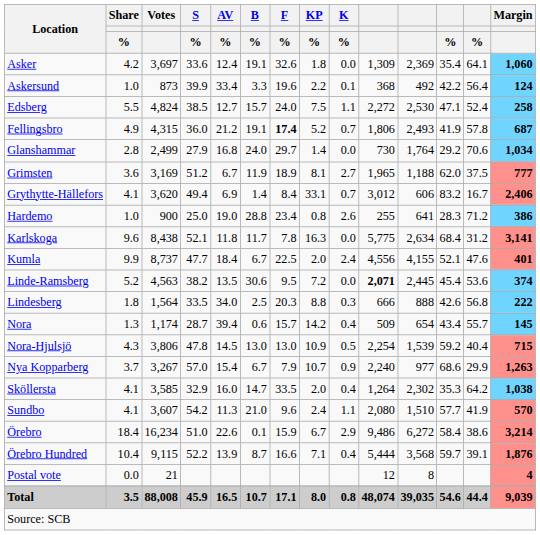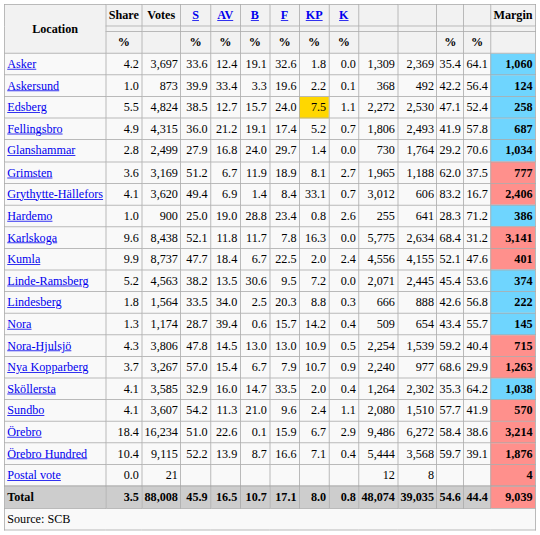 <table class="wikitable sortable" style="text-align:right; font-size:95%; line-height:20px;">
 <tr>
 <th rowspan="3">Location</th>
 <th>Share</th>
 <th>Votes</th>
 <th width="30px" class="unsortable"><a href='#'>S</a></th>
 <th width="30px" class="unsortable"><a href='#'>AV</a></th>
 <th width="30px" class="unsortable"><a href='#'>B</a></th>
 <th width="30px" class="unsortable"><a href='#'>F</a></th>
 <th width="30px" class="unsortable"><a href='#'>KP</a></th>
 <th width="30px" class="unsortable"><a href='#'>K</a></th>
 <th></th>
 <th></th>
 <th></th>
 <th></th>
 <th>Margin</th>
 </tr>
 <tr>
 <th></th>
 <th></th>
 <th style="background:"></th>
 <th style="background:"></th>
 <th style="background:"></th>
 <th style="background:"></th>
 <th style="background:"></th>
 <th style="background:"></th>
 <th style="background:"></th>
 <th style="background:"></th>
 <th style="background:"></th>
 <th style="background:"></th>
 <th></th>
 </tr>
 <tr>
 <th data-sort-type="number">%</th>
 <th></th>
 <th data-sort-type="number">%</th>
 <th data-sort-type="number">%</th>
 <th data-sort-type="number">%</th>
 <th data-sort-type="number">%</th>
 <th data-sort-type="number">%</th>
 <th data-sort-type="number">%</th>
 <th></th>
 <th></th>
 <th data-sort-type="number">%</th>
 <th data-sort-type="number">%</th>
 <th></th>
 </tr>
 <tr>
 <td align=left><a href='#'>Asker</a></td>
 <td>4.2</td>
 <td>3,697</td>
 <td>33.6</td>
 <td>12.4</td>
 <td>19.1</td>
 <td>32.6</td>
 <td>1.8</td>
 <td>0.0</td>
 <td>1,309</td>
 <td>2,369</td>
 <td>35.4</td>
 <td>64.1</td>
 <td bgcolor=#6fd5fe><strong>1,060</strong></td>
 </tr>
 <tr>
 <td align=left><a href='#'>Askersund</a></td>
 <td>1.0</td>
 <td>873</td>
 <td>39.9</td>
 <td>33.4</td>
 <td>3.3</td>
 <td>19.6</td>
 <td>2.2</td>
 <td>0.1</td>
 <td>368</td>
 <td>492</td>
 <td>42.2</td>
 <td>56.4</td>
 <td bgcolor=#6fd5fe><strong>124</strong></td>
 </tr>
 <tr>
 <td align=left><a href='#'>Edsberg</a></td>
 <td>5.5</td>
 <td>4,824</td>
 <td>38.5</td>
 <td>12.7</td>
 <td>15.7</td>
 <td>24.0</td>
-<td>7.5</td>
+<td style="background: gold;">7.5</td>
 <td>1.1</td>
 <td>2,272</td>
 <td>2,530</td>
 <td>47.1</td>
 <td>52.4</td>
 <td bgcolor=#6fd5fe><strong>258</strong></td>
 </tr>
 <tr>
 <td align=left><a href='#'>Fellingsbro</a></td>
 <td>4.9</td>
 <td>4,315</td>
 <td>36.0</td>
 <td>21.2</td>
 <td>19.1</td>
-<td><strong>17.4</strong></td>
+<td>17.4</td>
 <td>5.2</td>
 <td>0.7</td>
 <td>1,806</td>
 <td>2,493</td>
 <td>41.9</td>
 <td>57.8</td>
 <td bgcolor=#6fd5fe><strong>687</strong></td>
 </tr>
 <tr>
 <td align=left><a href='#'>Glanshammar</a></td>
 <td>2.8</td>
 <td>2,499</td>
 <td>27.9</td>
 <td>16.8</td>
 <td>24.0</td>
 <td>29.7</td>
 <td>1.4</td>
 <td>0.0</td>
 <td>730</td>
 <td>1,764</td>
 <td>29.2</td>
 <td>70.6</td>
 <td bgcolor=#6fd5fe><strong>1,034</strong></td>
 </tr>
 <tr>
 <td align=left><a href='#'>Grimsten</a></td>
 <td>3.6</td>
 <td>3,169</td>
 <td>51.2</td>
 <td>6.7</td>
 <td>11.9</td>
 <td>18.9</td>
 <td>8.1</td>
 <td>2.7</td>
 <td>1,965</td>
 <td>1,188</td>
 <td>62.0</td>
 <td>37.5</td>
 <td bgcolor=#ff908c><strong>777</strong></td>
 </tr>
 <tr>
 <td align=left><a href='#'>Grythytte-Hällefors</a></td>
 <td>4.1</td>
 <td>3,620</td>
 <td>49.4</td>
 <td>6.9</td>
 <td>1.4</td>
 <td>8.4</td>
 <td>33.1</td>
 <td>0.7</td>
 <td>3,012</td>
 <td>606</td>
 <td>83.2</td>
 <td>16.7</td>
 <td bgcolor=#ff908c><strong>2,406</strong></td>
 </tr>
 <tr>
 <td align=left><a href='#'>Hardemo</a></td>
 <td>1.0</td>
 <td>900</td>
 <td>25.0</td>
 <td>19.0</td>
 <td>28.8</td>
 <td>23.4</td>
 <td>0.8</td>
 <td>2.6</td>
 <td>255</td>
 <td>641</td>
 <td>28.3</td>
 <td>71.2</td>
 <td bgcolor=#6fd5fe><strong>386</strong></td>
 </tr>
 <tr>
 <td align=left><a href='#'>Karlskoga</a></td>
 <td>9.6</td>
 <td>8,438</td>
 <td>52.1</td>
 <td>11.8</td>
 <td>11.7</td>
 <td>7.8</td>
 <td>16.3</td>
 <td>0.0</td>
 <td>5,775</td>
 <td>2,634</td>
 <td>68.4</td>
 <td>31.2</td>
 <td bgcolor=#ff908c><strong>3,141</strong></td>
 </tr>
 <tr>
 <td align=left><a href='#'>Kumla</a></td>
 <td>9.9</td>
 <td>8,737</td>
 <td>47.7</td>
 <td>18.4</td>
 <td>6.7</td>
 <td>22.5</td>
 <td>2.0</td>
 <td>2.4</td>
 <td>4,556</td>
 <td>4,155</td>
 <td>52.1</td>
 <td>47.6</td>
 <td bgcolor=#ff908c><strong>401</strong></td>
 </tr>
 <tr>
 <td align=left><a href='#'>Linde-Ramsberg</a></td>
 <td>5.2</td>
 <td>4,563</td>
 <td>38.2</td>
 <td>13.5</td>
 <td>30.6</td>
 <td>9.5</td>
 <td>7.2</td>
 <td>0.0</td>
-<td><strong>2,071</strong></td>
+<td>2,071</td>
 <td>2,445</td>
 <td>45.4</td>
 <td>53.6</td>
 <td bgcolor=#6fd5fe><strong>374</strong></td>
 </tr>
 <tr>
 <td align=left><a href='#'>Lindesberg</a></td>
 <td>1.8</td>
 <td>1,564</td>
 <td>33.5</td>
 <td>34.0</td>
 <td>2.5</td>
 <td>20.3</td>
 <td>8.8</td>
 <td>0.3</td>
 <td>666</td>
 <td>888</td>
 <td>42.6</td>
 <td>56.8</td>
 <td bgcolor=#6fd5fe><strong>222</strong></td>
 </tr>
 <tr>
 <td align=left><a href='#'>Nora</a></td>
 <td>1.3</td>
 <td>1,174</td>
 <td>28.7</td>
 <td>39.4</td>
 <td>0.6</td>
 <td>15.7</td>
 <td>14.2</td>
 <td>0.4</td>
 <td>509</td>
 <td>654</td>
 <td>43.4</td>
 <td>55.7</td>
 <td bgcolor=#6fd5fe><strong>145</strong></td>
 </tr>
 <tr>
 <td align=left><a href='#'>Nora-Hjulsjö</a></td>
 <td>4.3</td>
 <td>3,806</td>
 <td>47.8</td>
 <td>14.5</td>
 <td>13.0</td>
 <td>13.0</td>
 <td>10.9</td>
 <td>0.5</td>
 <td>2,254</td>
 <td>1,539</td>
 <td>59.2</td>
 <td>40.4</td>
 <td bgcolor=#ff908c><strong>715</strong></td>
 </tr>
 <tr>
 <td align=left><a href='#'>Nya Kopparberg</a></td>
 <td>3.7</td>
 <td>3,267</td>
 <td>57.0</td>
 <td>15.4</td>
 <td>6.7</td>
 <td>7.9</td>
 <td>10.7</td>
 <td>0.9</td>
 <td>2,240</td>
 <td>977</td>
 <td>68.6</td>
 <td>29.9</td>
 <td bgcolor=#ff908c><strong>1,263</strong></td>
 </tr>
 <tr>
 <td align=left><a href='#'>Sköllersta</a></td>
 <td>4.1</td>
 <td>3,585</td>
 <td>32.9</td>
 <td>16.0</td>
 <td>14.7</td>
 <td>33.5</td>
 <td>2.0</td>
 <td>0.4</td>
 <td>1,264</td>
 <td>2,302</td>
 <td>35.3</td>
 <td>64.2</td>
 <td bgcolor=#6fd5fe><strong>1,038</strong></td>
 </tr>
 <tr>
 <td align=left><a href='#'>Sundbo</a></td>
 <td>4.1</td>
 <td>3,607</td>
 <td>54.2</td>
 <td>11.3</td>
 <td>21.0</td>
 <td>9.6</td>
 <td>2.4</td>
 <td>1.1</td>
 <td>2,080</td>
 <td>1,510</td>
 <td>57.7</td>
 <td>41.9</td>
 <td bgcolor=#ff908c><strong>570</strong></td>
 </tr>
 <tr>
 <td align=left><a href='#'>Örebro</a></td>
 <td>18.4</td>
 <td>16,234</td>
 <td>51.0</td>
 <td>22.6</td>
 <td>0.1</td>
 <td>15.9</td>
 <td>6.7</td>
 <td>2.9</td>
 <td>9,486</td>
 <td>6,272</td>
 <td>58.4</td>
 <td>38.6</td>
 <td bgcolor=#ff908c><strong>3,214</strong></td>
 </tr>
 <tr>
 <td align=left><a href='#'>Örebro Hundred</a></td>
 <td>10.4</td>
 <td>9,115</td>
 <td>52.2</td>
 <td>13.9</td>
 <td>8.7</td>
 <td>16.6</td>
 <td>7.1</td>
 <td>0.4</td>
 <td>5,444</td>
 <td>3,568</td>
 <td>59.7</td>
 <td>39.1</td>
 <td bgcolor=#ff908c><strong>1,876</strong></td>
 </tr>
 <tr>
 <td align=left><a href='#'>Postal vote</a></td>
 <td>0.0</td>
 <td>21</td>
 <td></td>
 <td></td>
 <td></td>
 <td></td>
 <td></td>
 <td></td>
 <td>12</td>
 <td>8</td>
 <td></td>
 <td></td>
 <td bgcolor=#ff908c><strong>4</strong></td>
 </tr>
 <tr>
 </tr>
 <tr style="background:#CDCDCD;">
 <td align=left><strong>Total</strong></td>
 <td><strong>3.5</strong></td>
 <td><strong>88,008</strong></td>
 <td><strong>45.9</strong></td>
 <td><strong>16.5</strong></td>
 <td><strong>10.7</strong></td>
 <td><strong>17.1</strong></td>
 <td><strong>8.0</strong></td>
 <td><strong>0.8</strong></td>
 <td><strong>48,074</strong></td>
 <td><strong>39,035</strong></td>
 <td><strong>54.6</strong></td>
 <td><strong>44.4</strong></td>
 <td bgcolor=#ff908c><strong>9,039</strong></td>
 </tr>
 <tr>
 <td align=left colspan=14>Source: SCB </td>
 </tr>
 </table>
